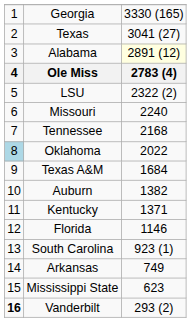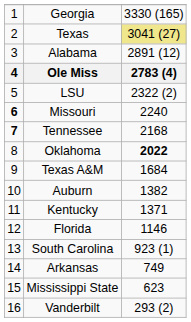 <table class="wikitable" style="display: inline-table;">
 <tr align="center">
 </tr>
 <tr align="center">
 <td>1</td>
 <td>Georgia</td>
 <td>3330 (165)</td>
 </tr>
 <tr align="center">
 <td>2</td>
 <td>Texas</td>
-<td>3041 (27)</td>
+<td style="background: khaki;">3041 (27)</td>
 </tr>
 <tr align="center">
 <td>3</td>
 <td>Alabama</td>
-<td style="background: lightyellow;">2891 (12)</td>
+<td>2891 (12)</td>
 </tr>
 <tr align="center">
 <th>4</th>
 <th>Ole Miss</th>
 <th>2783 (4)</th>
 </tr>
 <tr align="center">
 <td>5</td>
 <td>LSU</td>
 <td>2322 (2)</td>
 </tr>
 <tr align="center">
-<td>6</td>
+<td><strong>6</strong></td>
 <td>Missouri</td>
 <td>2240</td>
 </tr>
 <tr align="center">
-<td>7</td>
+<td><strong>7</strong></td>
 <td>Tennessee</td>
 <td>2168</td>
 </tr>
 <tr align="center">
-<td style="background: lightblue;">8</td>
+<td>8</td>
 <td>Oklahoma</td>
-<td>2022</td>
+<td><strong>2022</strong></td>
 </tr>
 <tr align="center">
 <td>9</td>
 <td>Texas A&M</td>
 <td>1684</td>
 </tr>
 <tr align="center">
 <td>10</td>
 <td>Auburn</td>
 <td>1382</td>
 </tr>
 <tr align="center">
 <td>11</td>
 <td>Kentucky</td>
 <td>1371</td>
 </tr>
 <tr align="center">
 <td>12</td>
 <td>Florida</td>
 <td>1146</td>
 </tr>
 <tr align="center">
 <td>13</td>
 <td>South Carolina</td>
 <td>923 (1)</td>
 </tr>
 <tr align="center">
 <td>14</td>
 <td>Arkansas</td>
 <td>749</td>
 </tr>
 <tr align="center">
 <td>15</td>
 <td>Mississippi State</td>
 <td>623</td>
 </tr>
 <tr align="center">
-<td><strong>16</strong></td>
+<td>16</td>
 <td>Vanderbilt</td>
 <td>293 (2)</td>
 </tr>
 </table>
